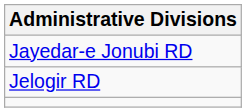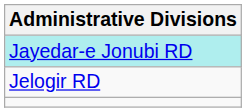 <table class="wikitable">
 <tr>
 <th>Administrative Divisions</th>
 </tr>
 <tr>
-<td><a href='#'>Jayedar-e Jonubi RD</a></td>
+<td style="background: paleturquoise;"><a href='#'>Jayedar-e Jonubi RD</a></td>
 </tr>
 <tr>
 <td><a href='#'>Jelogir RD</a></td>
 </tr>
 <tr>
 <td colspan=1></td>
 </tr>
 </table>
